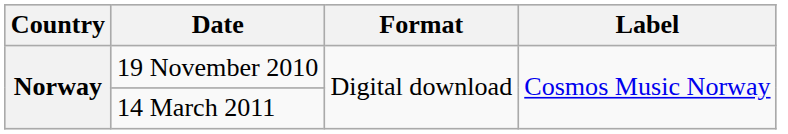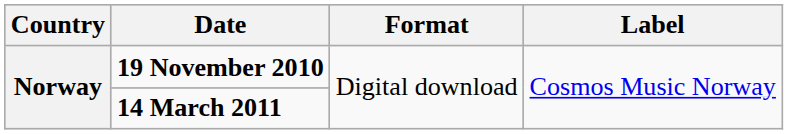 <table class="wikitable plainrowheaders">
 <tr>
 <th scope="col">Country</th>
 <th scope="col">Date</th>
 <th scope="col">Format</th>
 <th scope="col">Label</th>
 </tr>
 <tr>
 <th scope="row" rowspan="2">Norway</th>
-<td>19 November 2010</td>
+<td><strong>19 November 2010</strong></td>
 <td rowspan="2">Digital download</td>
 <td rowspan="2"><a href='#'>Cosmos Music Norway</a></td>
 </tr>
 <tr>
-<td>14 March 2011</td>
+<td><strong>14 March 2011</strong></td>
 </tr>
 </table>
